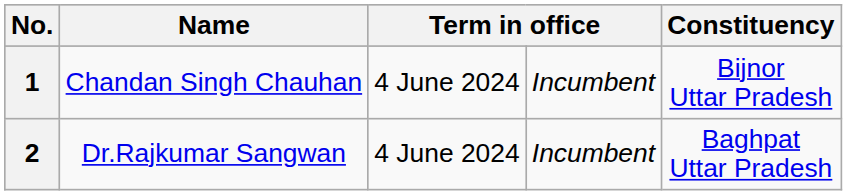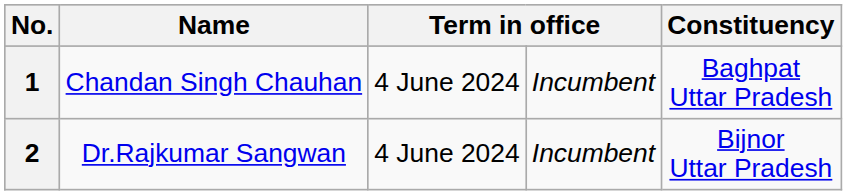 <table class="wikitable sortable" style="text-align:center;">
 <tr>
 <th style="background-color:">No.</th>
 <th style="background-color:">Name</th>
 <th colspan="2" style="background-color:">Term in office</th>
 <th colspan="2" style="background-color:">Constituency</th>
 </tr>
 <tr align="center">
 <th>1</th>
 <td><a href='#'>Chandan Singh Chauhan</a></td>
 <td>4 June 2024</td>
 <td><em>Incumbent</em></td>
-<td><a href='#'>Bijnor <br>Uttar Pradesh</a></td>
+<td><a href='#'>Baghpat<br>Uttar Pradesh</a></td>
 </tr>
 <tr>
 <th>2</th>
 <td><a href='#'>Dr.Rajkumar Sangwan</a></td>
 <td>4 June 2024</td>
 <td><em>Incumbent</em></td>
-<td><a href='#'>Baghpat<br>Uttar Pradesh</a></td>
+<td><a href='#'>Bijnor <br>Uttar Pradesh</a></td>
 </tr>
 </table>
